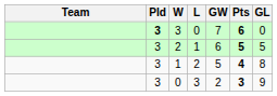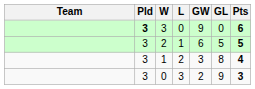 <table class="wikitable" style="text-align:center">
 <tr>
 <th width=200>Team</th>
 <th width=20>Pld</th>
 <th width=20>W</th>
 <th width=20>L</th>
 <th width=20>GW</th>
+<th width=20>GL</th>
 <th width=20>Pts</th>
-<th width=20>GL</th>
 </tr>
 <tr bgcolor="ccffcc">
 <td style="text-align:left;"></td>
 <td><strong>3</strong></td>
 <td>3</td>
 <td>0</td>
-<td>7</td>
+<td>9</td>
+<td>0</td>
 <td><strong>6</strong></td>
-<td>0</td>
 </tr>
 <tr bgcolor="ccffcc">
 <td style="text-align:left;"></td>
 <td>3</td>
 <td>2</td>
 <td>1</td>
 <td>6</td>
+<td>5</td>
 <td><strong>5</strong></td>
-<td>5</td>
 </tr>
 <tr>
 <td style="text-align:left;"></td>
 <td>3</td>
 <td>1</td>
 <td>2</td>
-<td>5</td>
+<td>3</td>
+<td>8</td>
 <td><strong>4</strong></td>
-<td>8</td>
 </tr>
 <tr>
 <td style="text-align:left;"></td>
 <td>3</td>
 <td>0</td>
 <td>3</td>
 <td>2</td>
+<td>9</td>
 <td><strong>3</strong></td>
-<td>9</td>
 </tr>
 </table>
